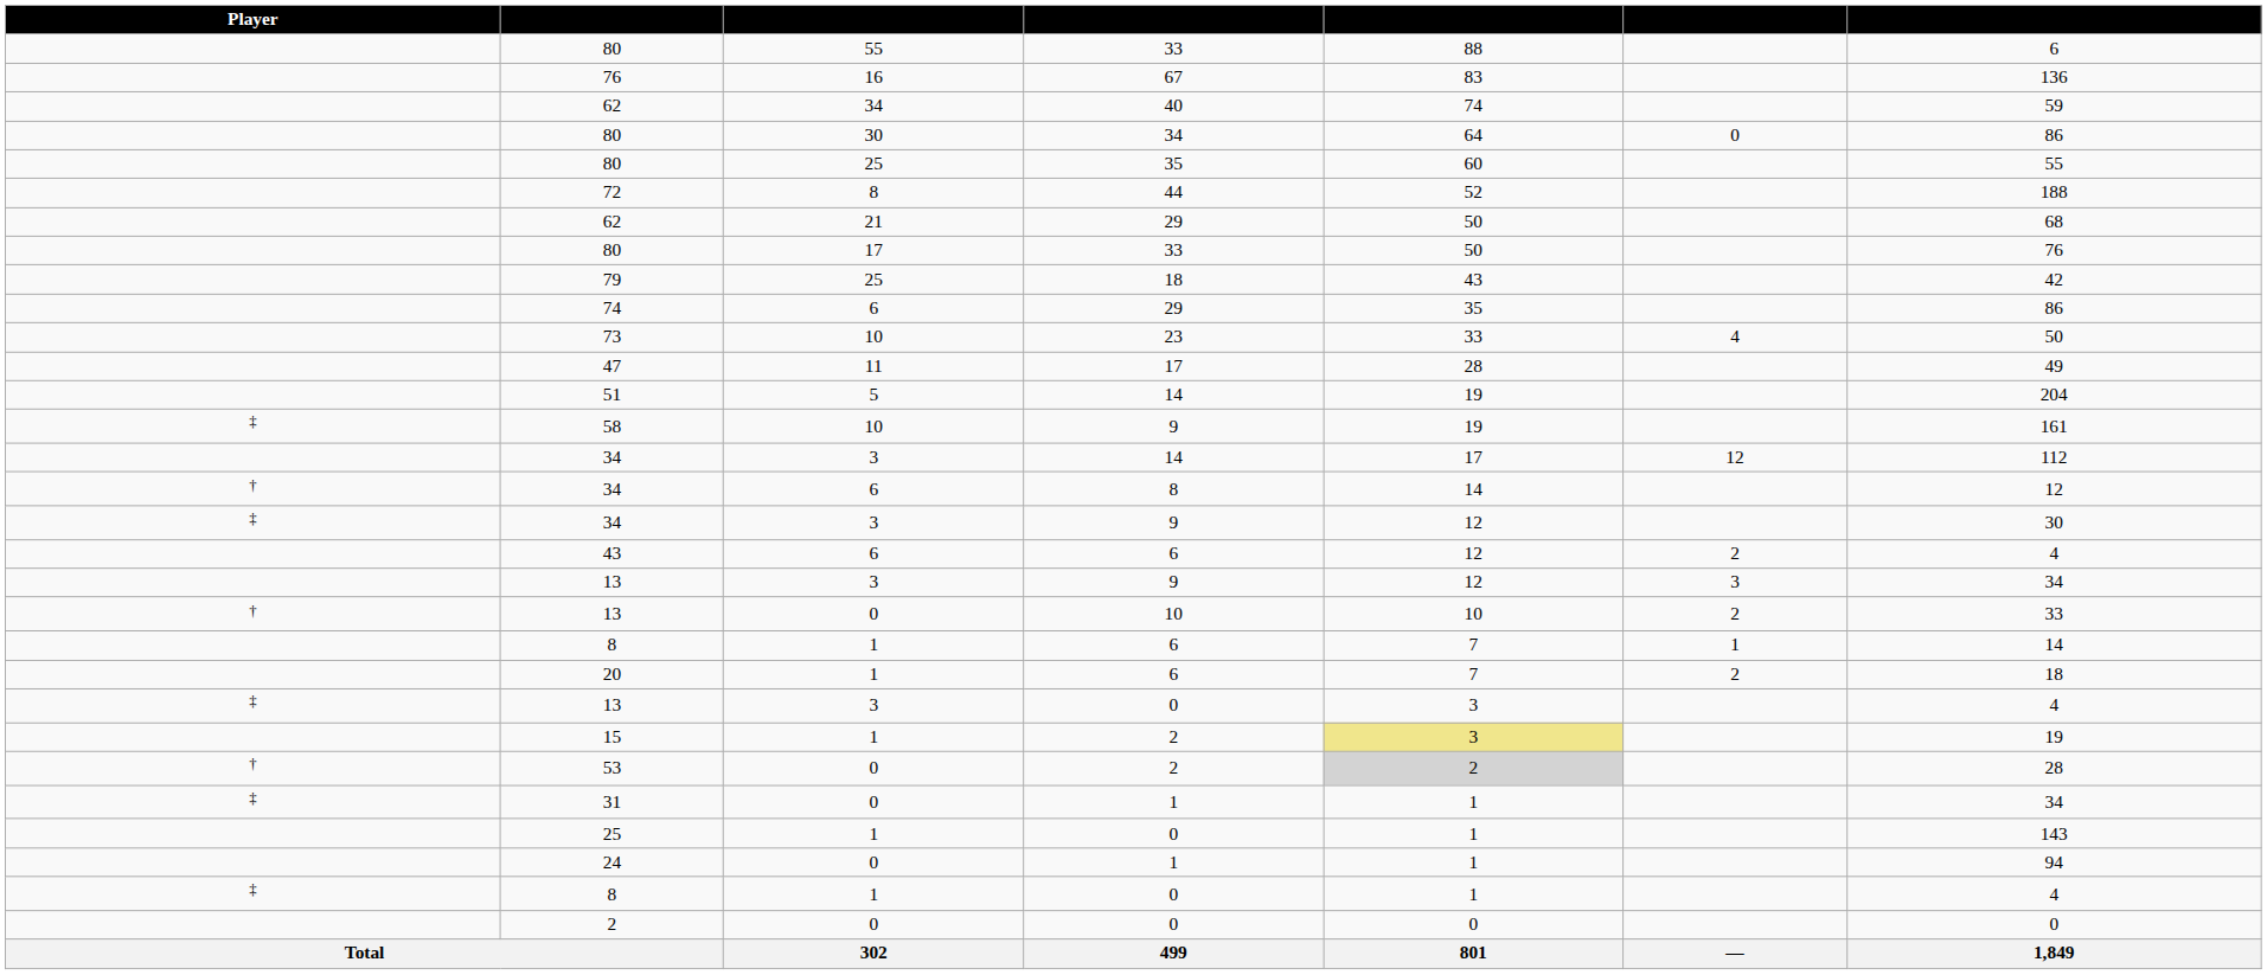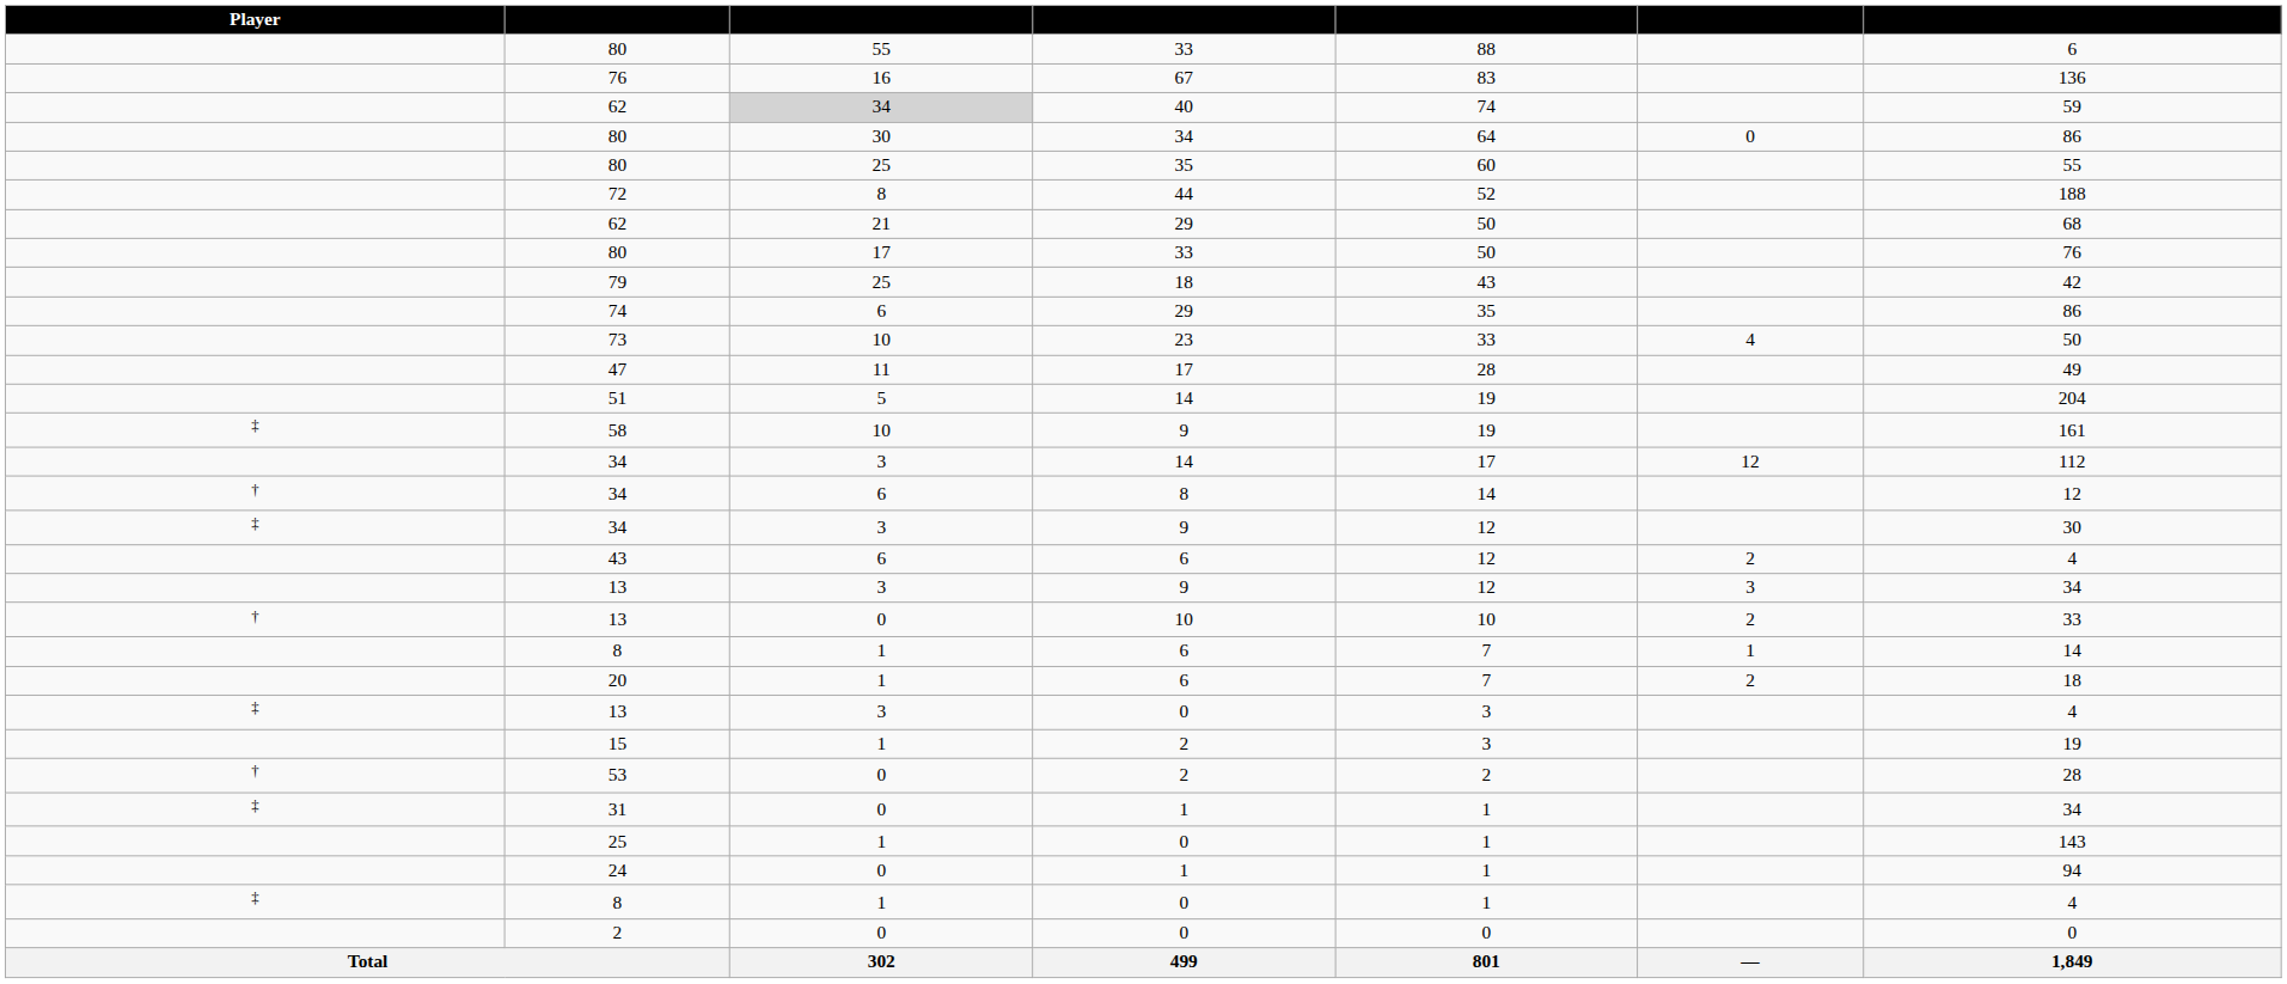 <table class="wikitable sortable" style="width:100%; text-align:center;">
 <tr align=center>
 <th style="color:white; background:#000000; ">Player</th>
 <th style="color:white; background:#000000; "></th>
 <th style="color:white; background:#000000; "></th>
 <th style="color:white; background:#000000; "></th>
 <th style="color:white; background:#000000; "></th>
 <th style="color:white; background:#000000; "></th>
 <th style="color:white; background:#000000; "></th>
 </tr>
 <tr>
 <td></td>
 <td>80</td>
 <td>55</td>
 <td>33</td>
 <td>88</td>
 <td></td>
 <td>6</td>
 </tr>
 <tr>
 <td></td>
 <td>76</td>
 <td>16</td>
 <td>67</td>
 <td>83</td>
 <td></td>
 <td>136</td>
 </tr>
 <tr>
 <td></td>
 <td>62</td>
-<td>34</td>
+<td style="background: lightgrey;">34</td>
 <td>40</td>
 <td>74</td>
 <td></td>
 <td>59</td>
 </tr>
 <tr>
 <td></td>
 <td>80</td>
 <td>30</td>
 <td>34</td>
 <td>64</td>
 <td>0</td>
 <td>86</td>
 </tr>
 <tr>
 <td></td>
 <td>80</td>
 <td>25</td>
 <td>35</td>
 <td>60</td>
 <td></td>
 <td>55</td>
 </tr>
 <tr>
 <td></td>
 <td>72</td>
 <td>8</td>
 <td>44</td>
 <td>52</td>
 <td></td>
 <td>188</td>
 </tr>
 <tr>
 <td></td>
 <td>62</td>
 <td>21</td>
 <td>29</td>
 <td>50</td>
 <td></td>
 <td>68</td>
 </tr>
 <tr>
 <td></td>
 <td>80</td>
 <td>17</td>
 <td>33</td>
 <td>50</td>
 <td></td>
 <td>76</td>
 </tr>
 <tr>
 <td></td>
 <td>79</td>
 <td>25</td>
 <td>18</td>
 <td>43</td>
 <td></td>
 <td>42</td>
 </tr>
 <tr>
 <td></td>
 <td>74</td>
 <td>6</td>
 <td>29</td>
 <td>35</td>
 <td></td>
 <td>86</td>
 </tr>
 <tr>
 <td></td>
 <td>73</td>
 <td>10</td>
 <td>23</td>
 <td>33</td>
 <td>4</td>
 <td>50</td>
 </tr>
 <tr>
 <td></td>
 <td>47</td>
 <td>11</td>
 <td>17</td>
 <td>28</td>
 <td></td>
 <td>49</td>
 </tr>
 <tr>
 <td></td>
 <td>51</td>
 <td>5</td>
 <td>14</td>
 <td>19</td>
 <td></td>
 <td>204</td>
 </tr>
 <tr>
 <td><sup>‡</sup></td>
 <td>58</td>
 <td>10</td>
 <td>9</td>
 <td>19</td>
 <td></td>
 <td>161</td>
 </tr>
 <tr>
 <td></td>
 <td>34</td>
 <td>3</td>
 <td>14</td>
 <td>17</td>
 <td>12</td>
 <td>112</td>
 </tr>
 <tr>
 <td><sup>†</sup></td>
 <td>34</td>
 <td>6</td>
 <td>8</td>
 <td>14</td>
 <td></td>
 <td>12</td>
 </tr>
 <tr>
 <td><sup>‡</sup></td>
 <td>34</td>
 <td>3</td>
 <td>9</td>
 <td>12</td>
 <td></td>
 <td>30</td>
 </tr>
 <tr>
 <td></td>
 <td>43</td>
 <td>6</td>
 <td>6</td>
 <td>12</td>
 <td>2</td>
 <td>4</td>
 </tr>
 <tr>
 <td></td>
 <td>13</td>
 <td>3</td>
 <td>9</td>
 <td>12</td>
 <td>3</td>
 <td>34</td>
 </tr>
 <tr>
 <td><sup>†</sup></td>
 <td>13</td>
 <td>0</td>
 <td>10</td>
 <td>10</td>
 <td>2</td>
 <td>33</td>
 </tr>
 <tr>
 <td></td>
 <td>8</td>
 <td>1</td>
 <td>6</td>
 <td>7</td>
 <td>1</td>
 <td>14</td>
 </tr>
 <tr>
 <td></td>
 <td>20</td>
 <td>1</td>
 <td>6</td>
 <td>7</td>
 <td>2</td>
 <td>18</td>
 </tr>
 <tr>
 <td><sup>‡</sup></td>
 <td>13</td>
 <td>3</td>
 <td>0</td>
 <td>3</td>
 <td></td>
 <td>4</td>
 </tr>
 <tr>
 <td></td>
 <td>15</td>
 <td>1</td>
 <td>2</td>
-<td style="background: khaki;">3</td>
+<td>3</td>
 <td></td>
 <td>19</td>
 </tr>
 <tr>
 <td><sup>†</sup></td>
 <td>53</td>
 <td>0</td>
 <td>2</td>
-<td style="background: lightgrey;">2</td>
+<td>2</td>
 <td></td>
 <td>28</td>
 </tr>
 <tr>
 <td><sup>‡</sup></td>
 <td>31</td>
 <td>0</td>
 <td>1</td>
 <td>1</td>
 <td></td>
 <td>34</td>
 </tr>
 <tr>
 <td></td>
 <td>25</td>
 <td>1</td>
 <td>0</td>
 <td>1</td>
 <td></td>
 <td>143</td>
 </tr>
 <tr>
 <td></td>
 <td>24</td>
 <td>0</td>
 <td>1</td>
 <td>1</td>
 <td></td>
 <td>94</td>
 </tr>
 <tr>
 <td><sup>‡</sup></td>
 <td>8</td>
 <td>1</td>
 <td>0</td>
 <td>1</td>
 <td></td>
 <td>4</td>
 </tr>
 <tr>
 <td></td>
 <td>2</td>
 <td>0</td>
 <td>0</td>
 <td>0</td>
 <td></td>
 <td>0</td>
 </tr>
 <tr class="sortbottom">
 <th colspan=2>Total</th>
 <th>302</th>
 <th>499</th>
 <th>801</th>
 <th>—</th>
 <th>1,849</th>
 </tr>
 </table>
